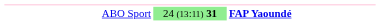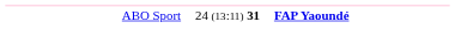 <table style="text-align:center" width=550>
 <tr>
 <th width=30%></th>
 <th width=15%></th>
 <th width=30%></th>
 </tr>
 <tr align="left" bgcolor=#ffd4e4>
 <td colspan=4></td>
 </tr>
 <tr>
 <td align="right"><a href='#'>ABO Sport</a> </td>
-<td style="background: lightgreen;">24 <small>(13</small>:<small>11)</small> <strong>31</strong></td>
+<td>24 <small>(13</small>:<small>11)</small> <strong>31</strong></td>
 <td align=left> <strong><a href='#'>FAP Yaoundé</a></strong></td>
 </tr>
 </table>
